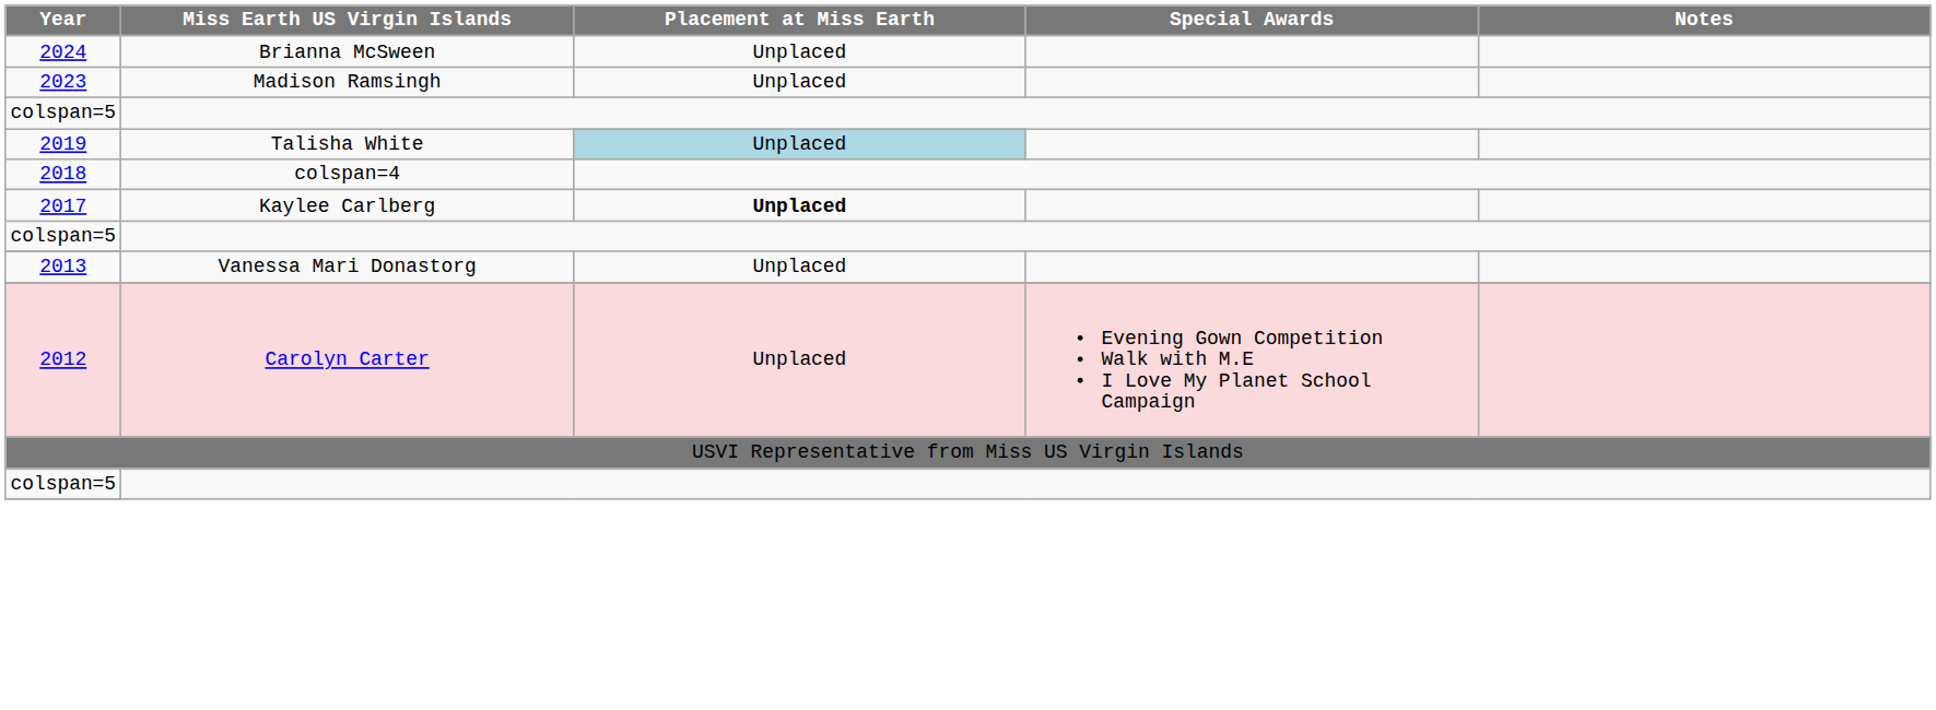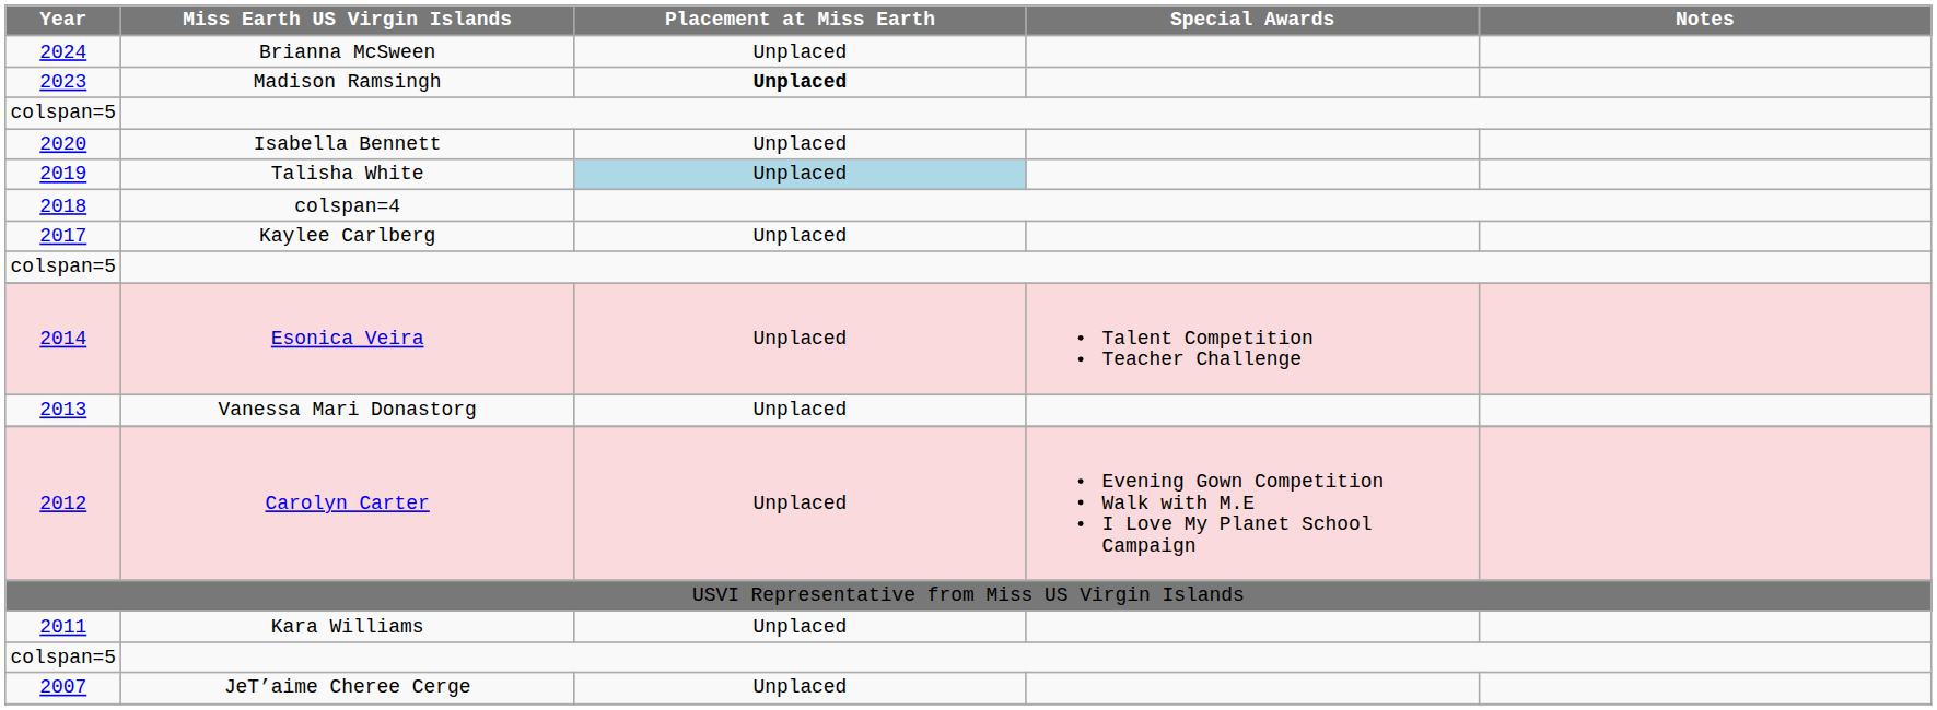 <table class="wikitable " style="font-size: 85%; text-align:center">
 <tr>
 <th width="60" style="background-color:#787878;color:#FFFFFF;">Year</th>
 <th width="250" style="background-color:#787878;color:#FFFFFF;">Miss Earth US Virgin Islands</th>
 <th width="250" style="background-color:#787878;color:#FFFFFF;">Placement at Miss Earth</th>
 <th width="250" style="background-color:#787878;color:#FFFFFF;">Special Awards</th>
 <th width="250" style="background-color:#787878;color:#FFFFFF;">Notes</th>
 </tr>
 <tr>
 <td><a href='#'>2024</a></td>
 <td>Brianna McSween</td>
 <td>Unplaced</td>
 <td></td>
 <td></td>
 </tr>
 <tr>
 <td><a href='#'>2023</a></td>
 <td>Madison Ramsingh</td>
-<td>Unplaced</td>
+<td><strong>Unplaced</strong></td>
 <td></td>
 <td></td>
 </tr>
 <tr>
 <td>colspan=5 </td>
+</tr>
+<tr>
+<td><a href='#'>2020</a></td>
+<td>Isabella Bennett</td>
+<td>Unplaced</td>
+<td></td>
+<td></td>
 </tr>
 <tr>
 <td><a href='#'>2019</a></td>
 <td>Talisha White</td>
 <td style="background: lightblue;">Unplaced</td>
 <td></td>
 <td></td>
 </tr>
 <tr>
 <td><a href='#'>2018</a></td>
 <td>colspan=4 </td>
 </tr>
 <tr>
 <td><a href='#'>2017</a></td>
 <td>Kaylee Carlberg</td>
-<td><strong>Unplaced</strong></td>
+<td>Unplaced</td>
 <td></td>
 <td></td>
 </tr>
 <tr>
 <td>colspan=5 </td>
 </tr>
 <tr>
+</tr>
+<tr style="background-color:#FADADD;">
+<td><a href='#'>2014</a></td>
+<td><a href='#'>Esonica Veira</a></td>
+<td>Unplaced</td>
+<td align="left"><br><ul><li> Talent Competition</li><li> Teacher Challenge</li></ul></td>
+<td></td>
 </tr>
 <tr>
 <td><a href='#'>2013</a></td>
 <td>Vanessa Mari Donastorg</td>
 <td>Unplaced</td>
 <td></td>
 <td></td>
 </tr>
 <tr>
 </tr>
 <tr style="background-color:#FADADD;">
 <td><a href='#'>2012</a></td>
 <td><a href='#'>Carolyn Carter</a></td>
 <td>Unplaced</td>
 <td align="left"><br><ul><li> Evening Gown Competition</li><li> Walk with M.E</li><li> I Love My Planet School Campaign</li></ul></td>
 <td></td>
 </tr>
 <tr>
 </tr>
 <tr bgcolor="#787878" align="center">
 <td colspan="5"><span>USVI Representative from Miss US Virgin Islands</span></td>
 </tr>
 <tr>
+<td><a href='#'>2011</a></td>
+<td>Kara Williams</td>
+<td>Unplaced</td>
+<td></td>
+<td></td>
+</tr>
+<tr>
 <td>colspan=5 </td>
+</tr>
+<tr>
+<td><a href='#'>2007</a></td>
+<td>JeT’aime Cheree Cerge</td>
+<td>Unplaced</td>
+<td></td>
+<td></td>
 </tr>
 <tr>
 </tr>
 </table>
